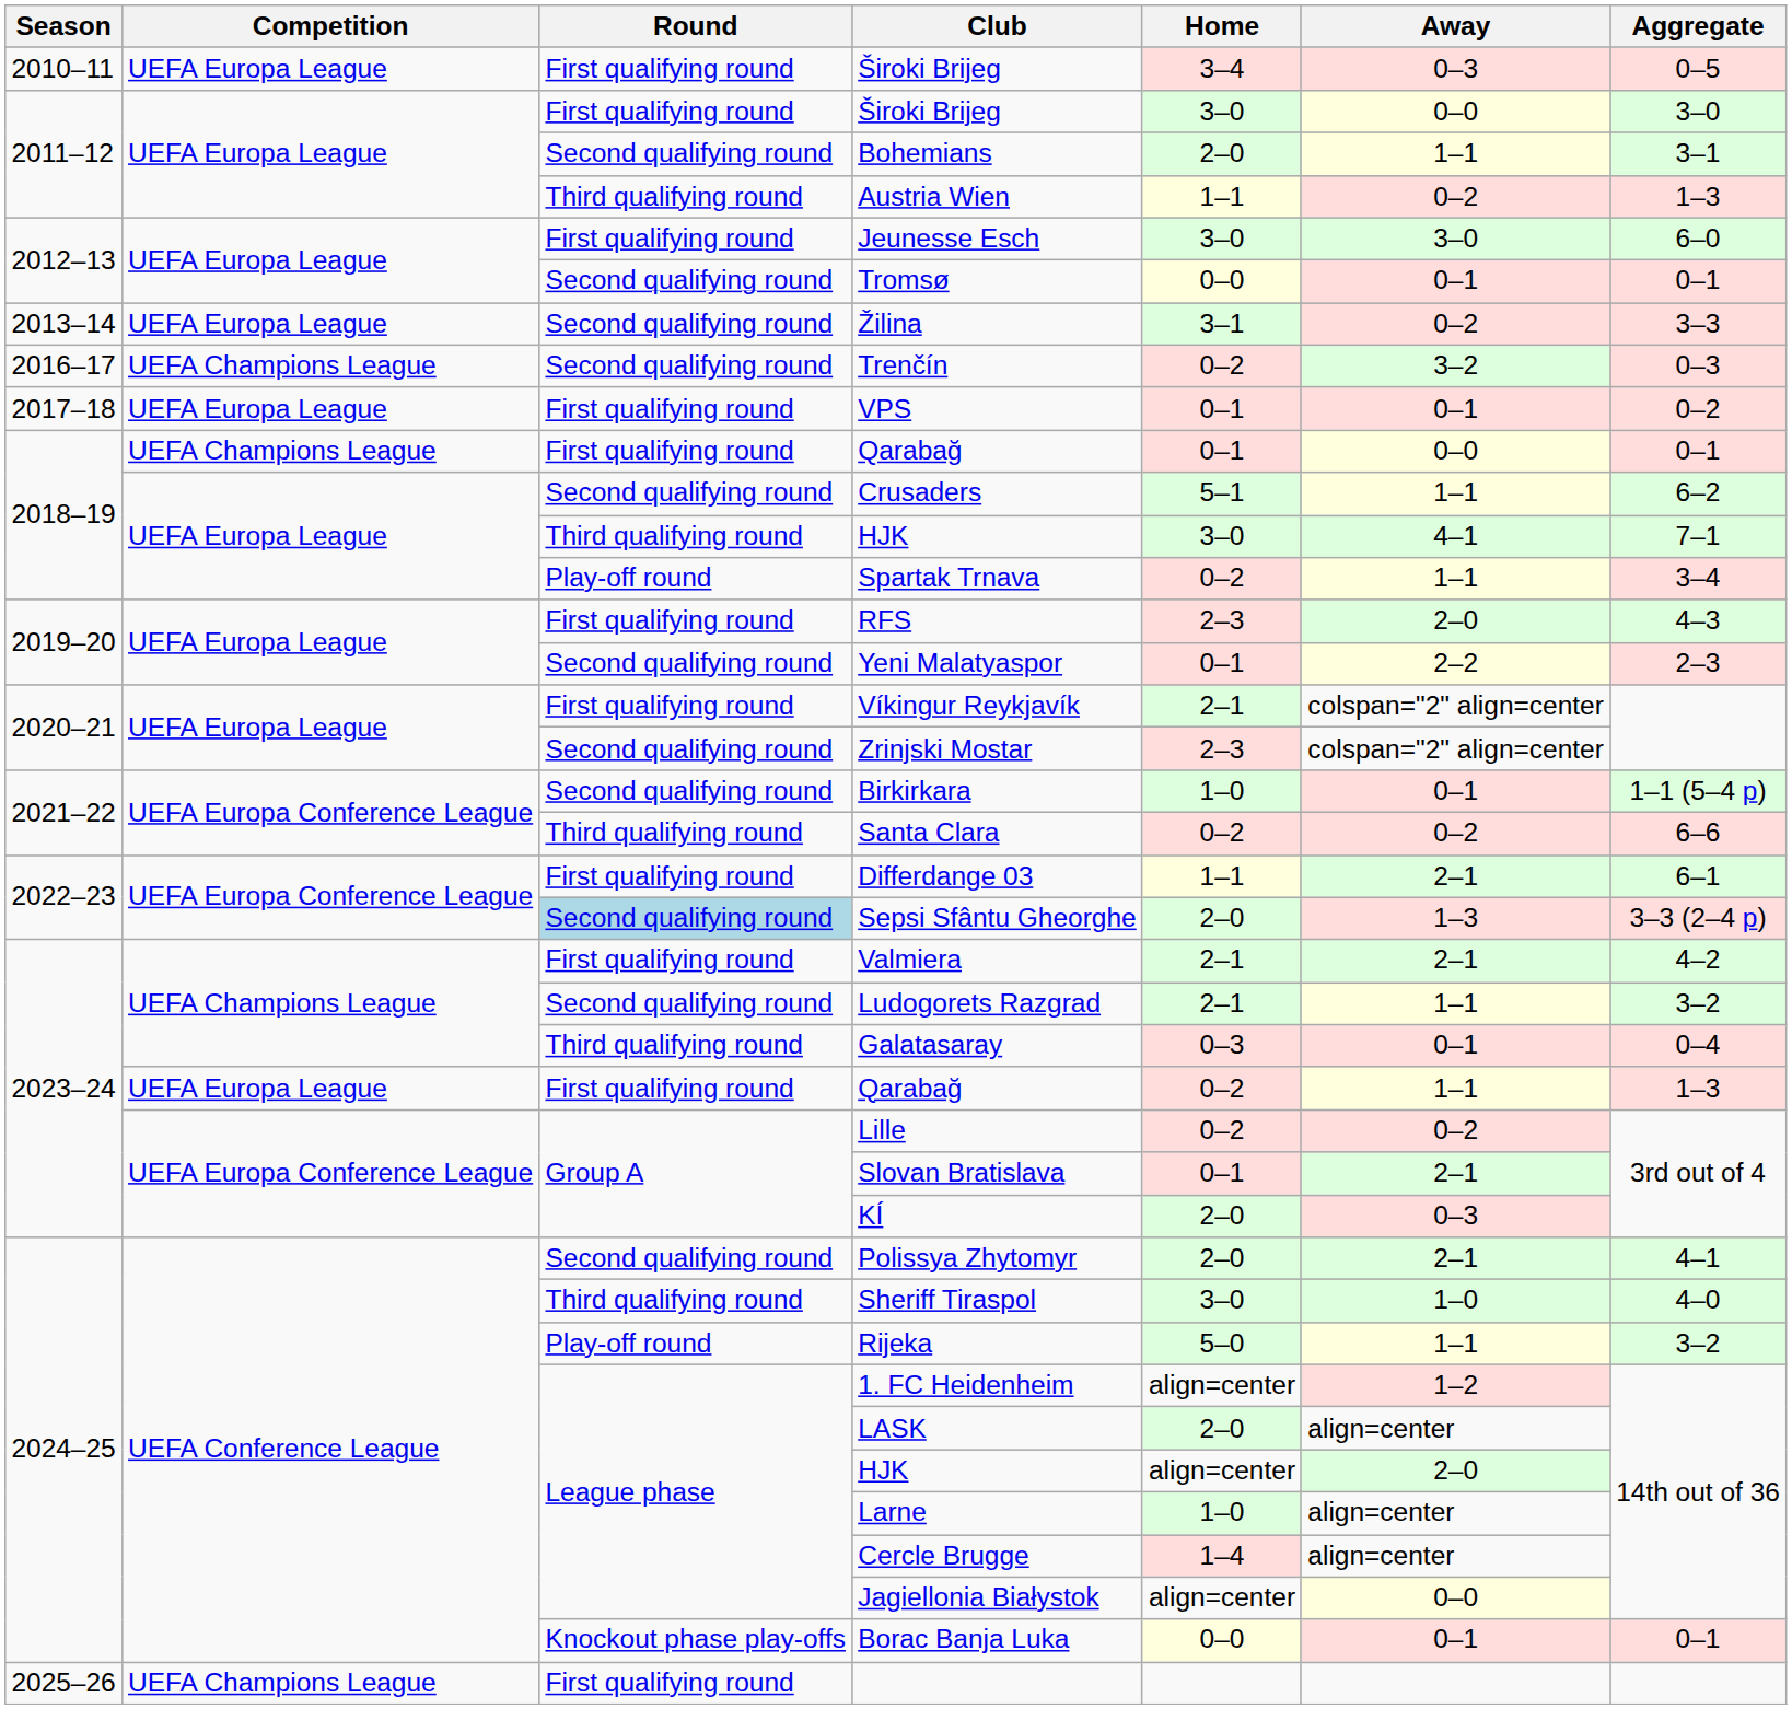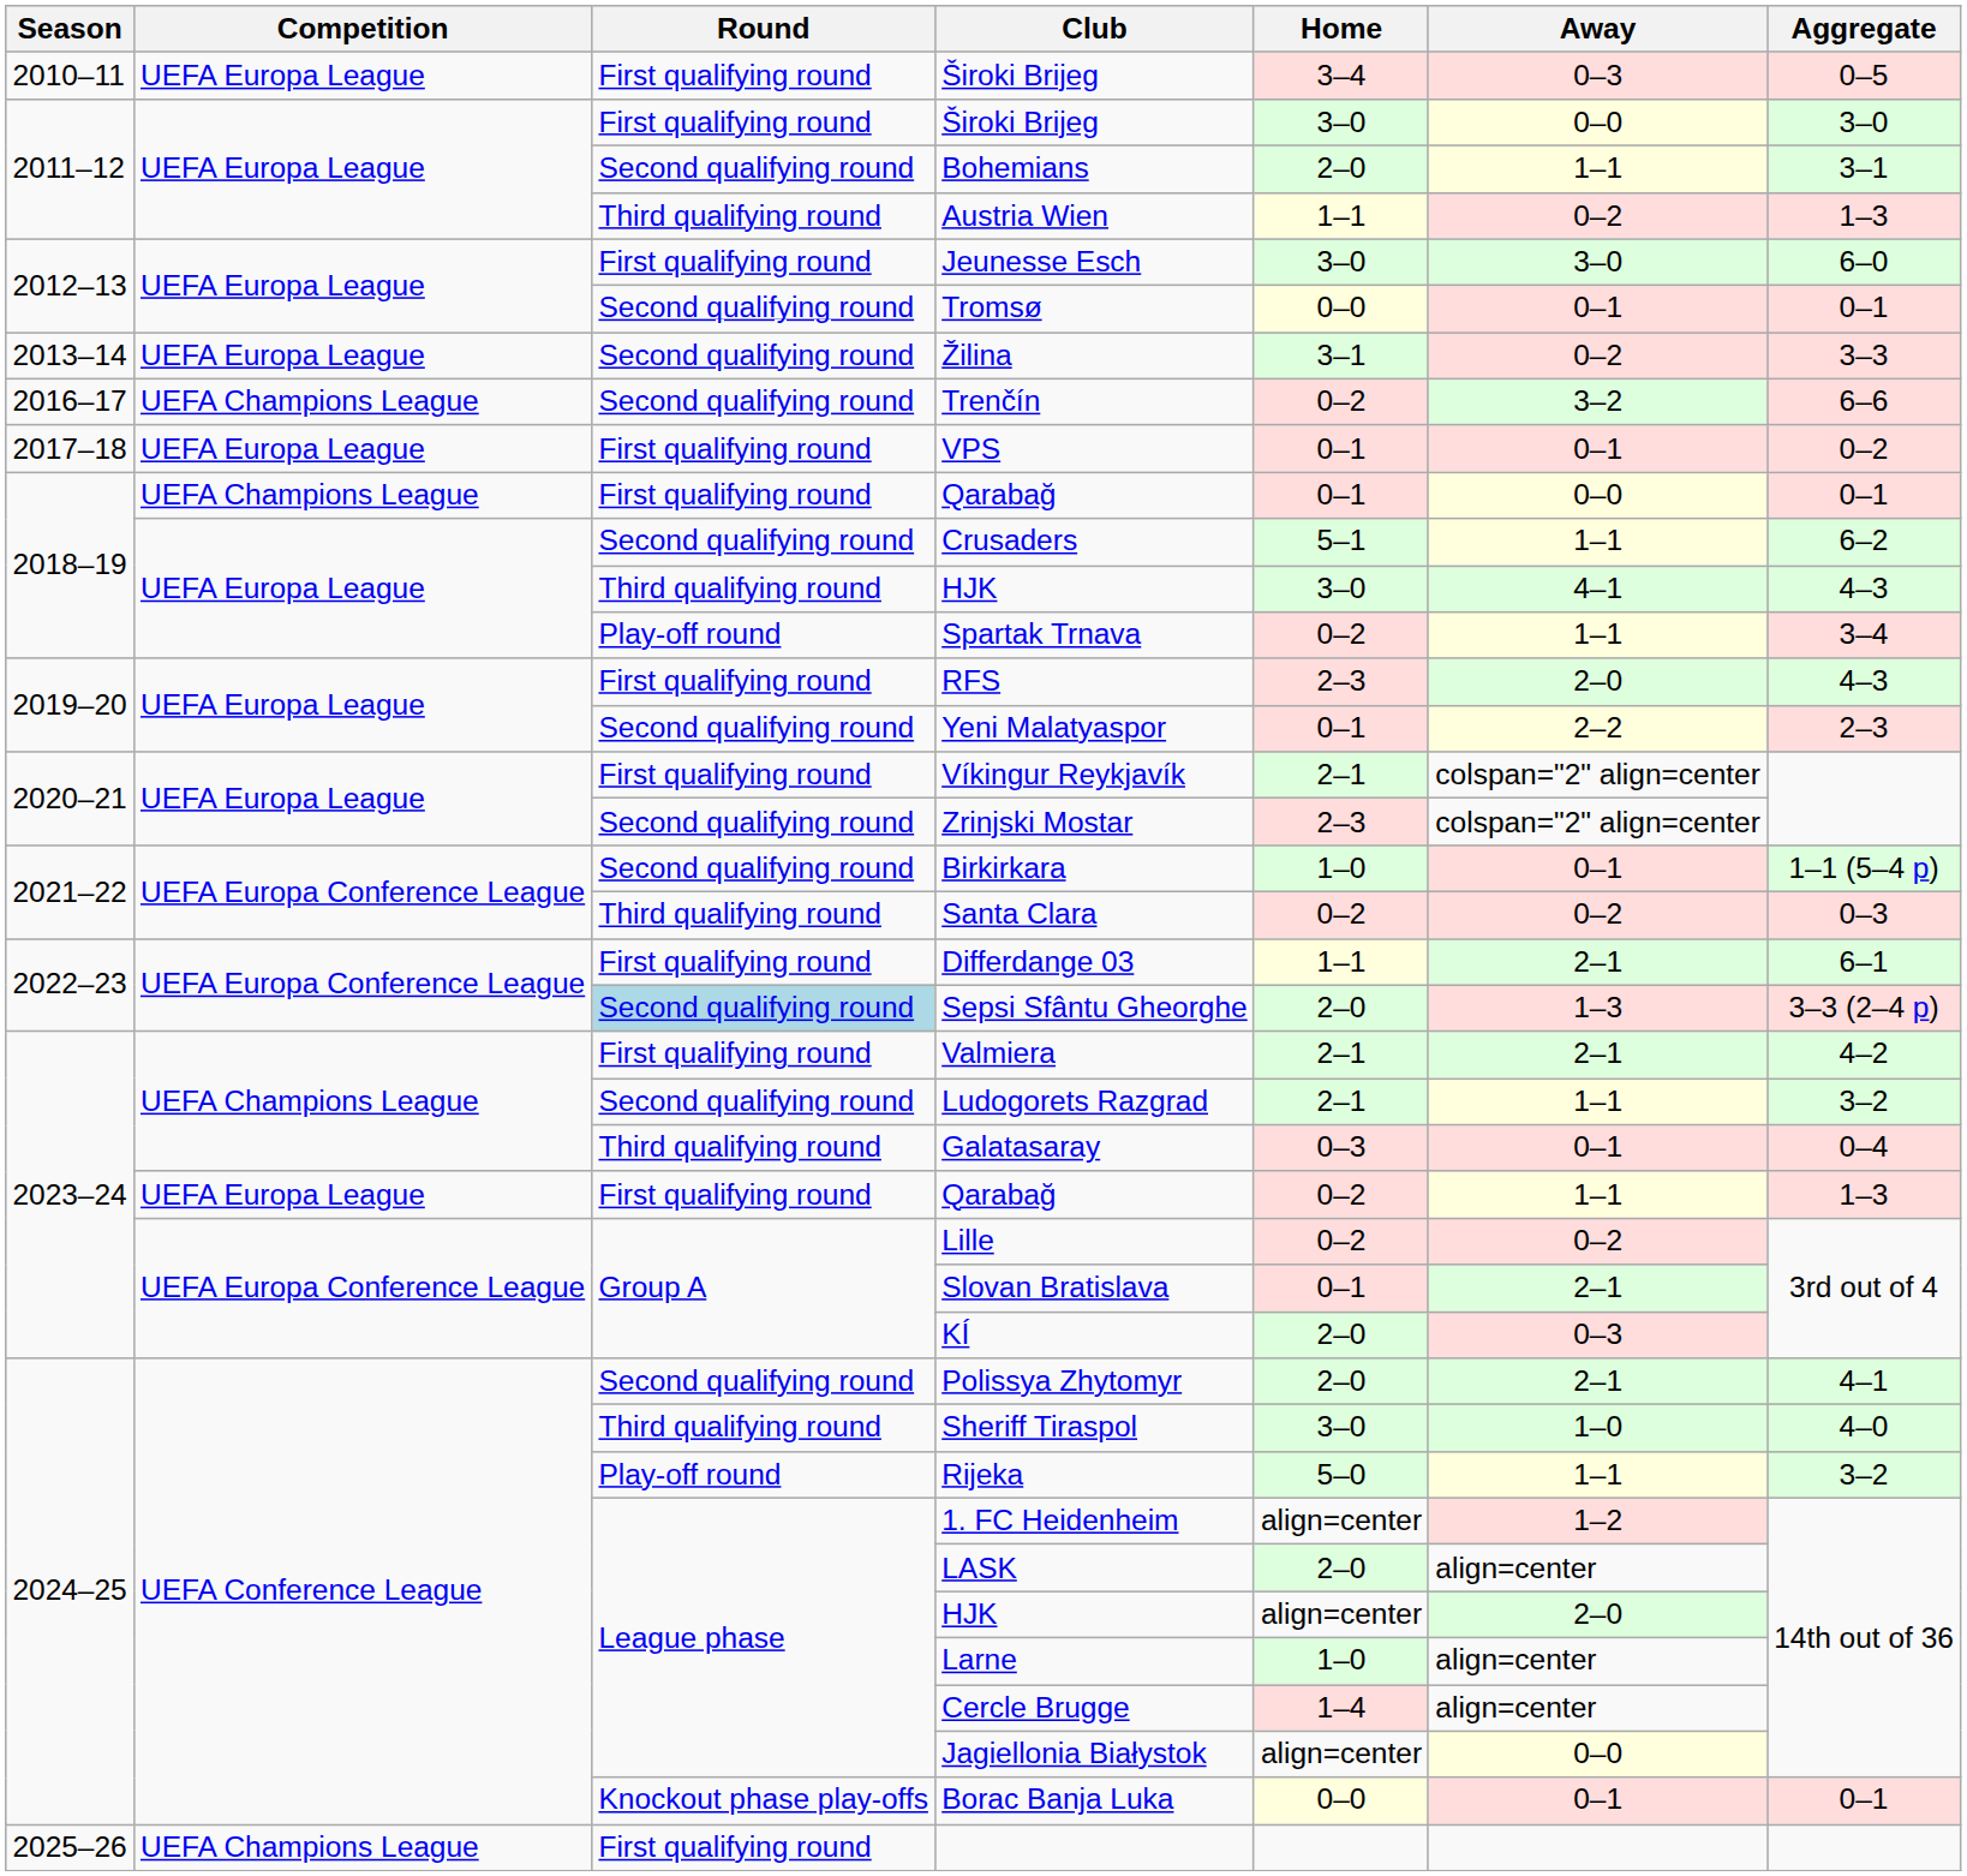 <table class="wikitable sortable">
 <tr>
 <th>Season</th>
 <th>Competition</th>
 <th>Round</th>
 <th>Club</th>
 <th>Home</th>
 <th>Away</th>
 <th>Aggregate</th>
 </tr>
 <tr>
 <td>2010–11</td>
 <td><a href='#'>UEFA Europa League</a></td>
 <td><a href='#'>First qualifying round</a></td>
 <td> <a href='#'>Široki Brijeg</a></td>
 <td style="text-align:center;" bgcolor="#FFDDDD">3–4</td>
 <td style="text-align:center;" bgcolor="#FFDDDD">0–3</td>
 <td style="text-align:center;" bgcolor="#FFDDDD">0–5</td>
 </tr>
 <tr>
 <td rowspan="3">2011–12</td>
 <td rowspan="3"><a href='#'>UEFA Europa League</a></td>
 <td><a href='#'>First qualifying round</a></td>
 <td> <a href='#'>Široki Brijeg</a></td>
 <td style="text-align:center;" bgcolor="#DDFFDD">3–0</td>
 <td style="text-align:center;" bgcolor="#FFFFDD">0–0</td>
 <td style="text-align:center;" bgcolor="#DDFFDD">3–0</td>
 </tr>
 <tr>
 <td><a href='#'>Second qualifying round</a></td>
 <td> <a href='#'>Bohemians</a></td>
 <td style="text-align:center;" bgcolor="#DDFFDD">2–0</td>
 <td style="text-align:center;" bgcolor="#FFFFDD">1–1</td>
 <td style="text-align:center;" bgcolor="#DDFFDD">3–1</td>
 </tr>
 <tr>
 <td><a href='#'>Third qualifying round</a></td>
 <td> <a href='#'>Austria Wien</a></td>
 <td style="text-align:center;" bgcolor="#FFFFDD">1–1</td>
 <td style="text-align:center;" bgcolor="#FFDDDD">0–2</td>
 <td style="text-align:center;" bgcolor="#FFDDDD">1–3</td>
 </tr>
 <tr>
 <td rowspan="2">2012–13</td>
 <td rowspan="2"><a href='#'>UEFA Europa League</a></td>
 <td><a href='#'>First qualifying round</a></td>
 <td> <a href='#'>Jeunesse Esch</a></td>
 <td style="text-align:center;" bgcolor="#DDFFDD">3–0</td>
 <td style="text-align:center;" bgcolor="#DDFFDD">3–0</td>
 <td style="text-align:center;" bgcolor="#DDFFDD">6–0</td>
 </tr>
 <tr>
 <td><a href='#'>Second qualifying round</a></td>
 <td> <a href='#'>Tromsø</a></td>
 <td style="text-align:center;" bgcolor="#FFFFDD">0–0</td>
 <td style="text-align:center;" bgcolor="#FFDDDD">0–1</td>
 <td style="text-align:center;" bgcolor="#FFDDDD">0–1</td>
 </tr>
 <tr>
 <td>2013–14</td>
 <td><a href='#'>UEFA Europa League</a></td>
 <td><a href='#'>Second qualifying round</a></td>
 <td> <a href='#'>Žilina</a></td>
 <td style="text-align:center;" bgcolor="#DDFFDD">3–1</td>
 <td style="text-align:center;" bgcolor="#FFDDDD">0–2</td>
 <td style="text-align:center;" bgcolor="#FFDDDD">3–3</td>
 </tr>
 <tr>
 <td>2016–17</td>
 <td><a href='#'>UEFA Champions League</a></td>
 <td><a href='#'>Second qualifying round</a></td>
 <td> <a href='#'>Trenčín</a></td>
 <td style="text-align:center;" bgcolor="#FFDDDD">0–2</td>
 <td style="text-align:center;" bgcolor="#DDFFDD">3–2</td>
-<td style="text-align:center;" bgcolor="#FFDDDD">0–3</td>
+<td style="text-align:center;" bgcolor="#FFDDDD">6–6</td>
 </tr>
 <tr>
 <td>2017–18</td>
 <td><a href='#'>UEFA Europa League</a></td>
 <td><a href='#'>First qualifying round</a></td>
 <td> <a href='#'>VPS</a></td>
 <td style="text-align:center;" bgcolor="#FFDDDD">0–1</td>
 <td style="text-align:center;" bgcolor="#FFDDDD">0–1</td>
 <td style="text-align:center;" bgcolor="#FFDDDD">0–2</td>
 </tr>
 <tr>
 <td rowspan="4">2018–19</td>
 <td><a href='#'>UEFA Champions League</a></td>
 <td><a href='#'>First qualifying round</a></td>
 <td> <a href='#'>Qarabağ</a></td>
 <td style="text-align:center;" bgcolor="#FFDDDD">0–1</td>
 <td style="text-align:center;" bgcolor="#FFFFDD">0–0</td>
 <td style="text-align:center;" bgcolor="#FFDDDD">0–1</td>
 </tr>
 <tr>
 <td rowspan="3"><a href='#'>UEFA Europa League</a></td>
 <td><a href='#'>Second qualifying round</a></td>
 <td> <a href='#'>Crusaders</a></td>
 <td style="text-align:center;" bgcolor="#DDFFDD">5–1</td>
 <td style="text-align:center;" bgcolor="#FFFFDD">1–1</td>
 <td style="text-align:center;" bgcolor="#DDFFDD">6–2</td>
 </tr>
 <tr>
 <td><a href='#'>Third qualifying round</a></td>
 <td> <a href='#'>HJK</a></td>
 <td style="text-align:center;" bgcolor="#DDFFDD">3–0</td>
 <td style="text-align:center;" bgcolor="#DDFFDD">4–1</td>
-<td style="text-align:center;" bgcolor="#DDFFDD">7–1</td>
+<td style="text-align:center;" bgcolor="#DDFFDD">4–3</td>
 </tr>
 <tr>
 <td><a href='#'>Play-off round</a></td>
 <td> <a href='#'>Spartak Trnava</a></td>
 <td style="text-align:center;" bgcolor="#FFDDDD">0–2</td>
 <td style="text-align:center;" bgcolor="#FFFFDD">1–1</td>
 <td style="text-align:center;" bgcolor="#FFDDDD">3–4</td>
 </tr>
 <tr>
 <td rowspan="2">2019–20</td>
 <td rowspan="2"><a href='#'>UEFA Europa League</a></td>
 <td><a href='#'>First qualifying round</a></td>
 <td> <a href='#'>RFS</a></td>
 <td style="text-align:center;" bgcolor="#FFDDDD">2–3</td>
 <td style="text-align:center;" bgcolor="#DDFFDD">2–0</td>
 <td style="text-align:center;" bgcolor="#DDFFDD">4–3</td>
 </tr>
 <tr>
 <td><a href='#'>Second qualifying round</a></td>
 <td> <a href='#'>Yeni Malatyaspor</a></td>
 <td style="text-align:center;" bgcolor="#FFDDDD">0–1</td>
 <td align="center" bgcolor="#FFFFDD">2–2</td>
 <td style="text-align:center;" bgcolor="#FFDDDD">2–3</td>
 </tr>
 <tr>
 <td rowspan="2">2020–21</td>
 <td rowspan="2"><a href='#'>UEFA Europa League</a></td>
 <td><a href='#'>First qualifying round</a></td>
 <td> <a href='#'>Víkingur Reykjavík</a></td>
 <td style="text-align:center;" bgcolor="#DDFFDD">2–1</td>
 <td>colspan="2" align=center </td>
 </tr>
 <tr>
 <td><a href='#'>Second qualifying round</a></td>
 <td> <a href='#'>Zrinjski Mostar</a></td>
 <td style="text-align:center;" bgcolor="#FFDDDD">2–3</td>
 <td>colspan="2" align=center </td>
 </tr>
 <tr>
 <td rowspan="2">2021–22</td>
 <td rowspan="2"><a href='#'>UEFA Europa Conference League</a></td>
 <td><a href='#'>Second qualifying round</a></td>
 <td> <a href='#'>Birkirkara</a></td>
 <td style="text-align:center;" bgcolor="#DDFFDD">1–0</td>
 <td style="text-align:center;" bgcolor="#FFDDDD">0–1</td>
 <td style="text-align:center;" bgcolor="#DDFFDD">1–1 (5–4 <a href='#'>p</a>)</td>
 </tr>
 <tr>
 <td><a href='#'>Third qualifying round</a></td>
 <td> <a href='#'>Santa Clara</a></td>
 <td style="text-align:center;" bgcolor="#FFDDDD">0–2</td>
 <td style="text-align:center;" bgcolor="#FFDDDD">0–2</td>
-<td style="text-align:center;" bgcolor="#FFDDDD">6–6</td>
+<td style="text-align:center;" bgcolor="#FFDDDD">0–3</td>
 </tr>
 <tr>
 <td rowspan="2">2022–23</td>
 <td rowspan="2"><a href='#'>UEFA Europa Conference League</a></td>
 <td><a href='#'>First qualifying round</a></td>
 <td> <a href='#'>Differdange 03</a></td>
 <td style="text-align:center;" bgcolor="#FFFFDD">1–1</td>
 <td style="text-align:center;" bgcolor="#DDFFDD">2–1</td>
 <td style="text-align:center;" bgcolor="#DDFFDD">6–1</td>
 </tr>
 <tr>
 <td style="background: lightblue;"><a href='#'>Second qualifying round</a></td>
 <td> <a href='#'>Sepsi Sfântu Gheorghe</a></td>
 <td style="text-align:center;" bgcolor="#DDFFDD">2–0</td>
 <td style="text-align:center;" bgcolor="#FFDDDD">1–3</td>
 <td style="text-align:center;" bgcolor="#FFDDDD">3–3 (2–4 <a href='#'>p</a>)</td>
 </tr>
 <tr>
 <td rowspan="7">2023–24</td>
 <td rowspan="3"><a href='#'>UEFA Champions League</a></td>
 <td><a href='#'>First qualifying round</a></td>
 <td> <a href='#'>Valmiera</a></td>
 <td style="text-align:center;" bgcolor="#DDFFDD">2–1</td>
 <td style="text-align:center;" bgcolor="#DDFFDD">2–1</td>
 <td style="text-align:center;" bgcolor="#DDFFDD">4–2</td>
 </tr>
 <tr>
 <td><a href='#'>Second qualifying round</a></td>
 <td> <a href='#'>Ludogorets Razgrad</a></td>
 <td style="text-align:center;" bgcolor="#DDFFDD">2–1</td>
 <td style="text-align:center;" bgcolor="#FFFFDD">1–1</td>
 <td style="text-align:center;" bgcolor="#DDFFDD">3–2</td>
 </tr>
 <tr>
 <td><a href='#'>Third qualifying round</a></td>
 <td> <a href='#'>Galatasaray</a></td>
 <td style="text-align:center;" bgcolor="#FFDDDD">0–3</td>
 <td style="text-align:center;" bgcolor="#FFDDDD">0–1</td>
 <td style="text-align:center;" bgcolor="#FFDDDD">0–4</td>
 </tr>
 <tr>
 <td><a href='#'>UEFA Europa League</a></td>
 <td><a href='#'>First qualifying round</a></td>
 <td> <a href='#'>Qarabağ</a></td>
 <td style="text-align:center;" bgcolor="#FFDDDD">0–2</td>
 <td style="text-align:center;" bgcolor="#FFFFDD">1–1</td>
 <td style="text-align:center;" bgcolor="#FFDDDD">1–3</td>
 </tr>
 <tr>
 <td rowspan="3"><a href='#'>UEFA Europa Conference League</a></td>
 <td rowspan="3"><a href='#'>Group A</a></td>
 <td> <a href='#'>Lille</a></td>
 <td style="text-align:center;" bgcolor="#FFDDDD">0–2</td>
 <td style="text-align:center;" bgcolor="#FFDDDD">0–2</td>
 <td rowspan="3" style="text-align:center;">3rd out of 4</td>
 </tr>
 <tr>
 <td> <a href='#'>Slovan Bratislava</a></td>
 <td style="text-align:center;" bgcolor="#FFDDDD">0–1</td>
 <td style="text-align:center;" bgcolor="#DDFFDD">2–1</td>
 </tr>
 <tr>
 <td> <a href='#'>KÍ</a></td>
 <td style="text-align:center;" bgcolor="#DDFFDD">2–0</td>
 <td style="text-align:center;" bgcolor="#FFDDDD">0–3</td>
 </tr>
 <tr>
 <td rowspan="10">2024–25</td>
 <td rowspan="10"><a href='#'>UEFA Conference League</a></td>
 <td><a href='#'>Second qualifying round</a></td>
 <td> <a href='#'>Polissya Zhytomyr</a></td>
 <td style="text-align:center;" bgcolor="#DDFFDD">2–0</td>
 <td style="text-align:center;" bgcolor="#DDFFDD">2–1</td>
 <td style="text-align:center;" bgcolor="#DDFFDD">4–1</td>
 </tr>
 <tr>
 <td><a href='#'>Third qualifying round</a></td>
 <td> <a href='#'>Sheriff Tiraspol</a></td>
 <td style="text-align:center;" bgcolor="#DDFFDD">3–0</td>
 <td style="text-align:center;" bgcolor="#DDFFDD">1–0</td>
 <td style="text-align:center;" bgcolor="#DDFFDD">4–0</td>
 </tr>
 <tr>
 <td><a href='#'>Play-off round</a></td>
 <td> <a href='#'>Rijeka</a></td>
 <td style="text-align:center;" bgcolor="#DDFFDD">5–0</td>
 <td style="text-align:center;" bgcolor="#FFFFDD">1–1</td>
 <td style="text-align:center;" bgcolor="#DDFFDD">3–2</td>
 </tr>
 <tr>
 <td rowspan="6"><a href='#'>League phase</a></td>
 <td> <a href='#'>1. FC Heidenheim</a></td>
 <td>align=center </td>
 <td style="text-align:center;" bgcolor="#FFDDDD">1–2</td>
 <td rowspan="6" style="text-align:center;">14th out of 36</td>
 </tr>
 <tr>
 <td> <a href='#'>LASK</a></td>
 <td style="text-align:center;" bgcolor="#DDFFDD">2–0</td>
 <td>align=center </td>
 </tr>
 <tr>
 <td> <a href='#'>HJK</a></td>
 <td>align=center </td>
 <td style="text-align:center;" bgcolor="#DDFFDD">2–0</td>
 </tr>
 <tr>
 <td> <a href='#'>Larne</a></td>
 <td style="text-align:center;" bgcolor="#DDFFDD">1–0</td>
 <td>align=center </td>
 </tr>
 <tr>
 <td> <a href='#'>Cercle Brugge</a></td>
 <td style="text-align:center;" bgcolor="#FFDDDD">1–4</td>
 <td>align=center </td>
 </tr>
 <tr>
 <td> <a href='#'>Jagiellonia Białystok</a></td>
 <td>align=center </td>
 <td style="text-align:center;" bgcolor="#FFFFDD">0–0</td>
 </tr>
 <tr>
 <td><a href='#'>Knockout phase play-offs</a></td>
 <td> <a href='#'>Borac Banja Luka</a></td>
 <td style="text-align:center;" bgcolor="#FFFFDD">0–0</td>
 <td style="text-align:center;" bgcolor="#FFDDDD">0–1</td>
 <td style="text-align:center;" bgcolor="#FFDDDD">0–1</td>
 </tr>
 <tr>
 <td>2025–26</td>
 <td><a href='#'>UEFA Champions League</a></td>
 <td><a href='#'>First qualifying round</a></td>
 <td></td>
 <td></td>
 <td></td>
 <td></td>
 </tr>
 <tr>
 </tr>
 </table>
